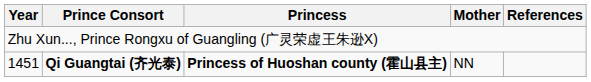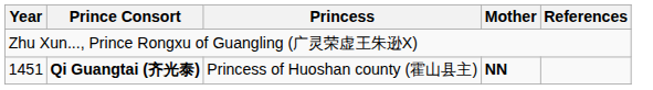 <table class="wikitable">
 <tr>
 <th>Year</th>
 <th>Prince Consort</th>
 <th>Princess</th>
 <th>Mother</th>
 <th>References</th>
 </tr>
 <tr>
 <td colspan="5">Zhu Xun..., Prince Rongxu of Guangling (广灵荣虚王朱逊X)</td>
 </tr>
 <tr>
 <td>1451</td>
 <td><strong>Qi Guangtai (齐光泰)</strong></td>
-<td><strong>Princess of Huoshan county (霍山县主)</strong></td>
-<td>NN</td>
+<td>Princess of Huoshan county (霍山县主)</td>
+<td><strong>NN</strong></td>
 <td></td>
 </tr>
 </table>
